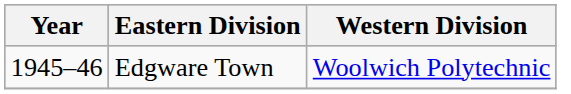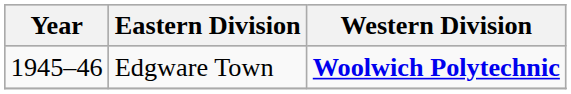 <table class="wikitable">
 <tr>
 <th>Year</th>
 <th>Eastern Division</th>
 <th>Western Division</th>
 </tr>
 <tr>
 <td>1945–46</td>
 <td>Edgware Town</td>
-<td><a href='#'>Woolwich Polytechnic</a></td>
+<td><strong><a href='#'>Woolwich Polytechnic</a></strong></td>
 </tr>
 <tr>
 </tr>
 </table>
